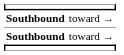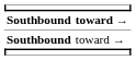 <table border="0" cellspacing="0" cellpadding="3">
 <tr>
 <td colspan="2" style="border-top:solid 1px gray;border-right:solid 2px black;border-left:solid 2px black;border-bottom:solid 2px black;text-align:center"></td>
 </tr>
 <tr>
 <td><strong>Southbound</strong></td>
-<td>  toward   →</td>
+<td><strong>  toward   →</strong></td>
 </tr>
 <tr>
 <td style="border-top:solid 1px gray"><strong>Southbound</strong></td>
 <td style="border-top:solid 1px gray">  toward   →</td>
 </tr>
 <tr>
 <td colspan="2" style="border-top:solid 2px black;border-right:solid 2px black;border-left:solid 2px black;border-bottom:solid 1px gray;text-align:center"></td>
 </tr>
 </table>
